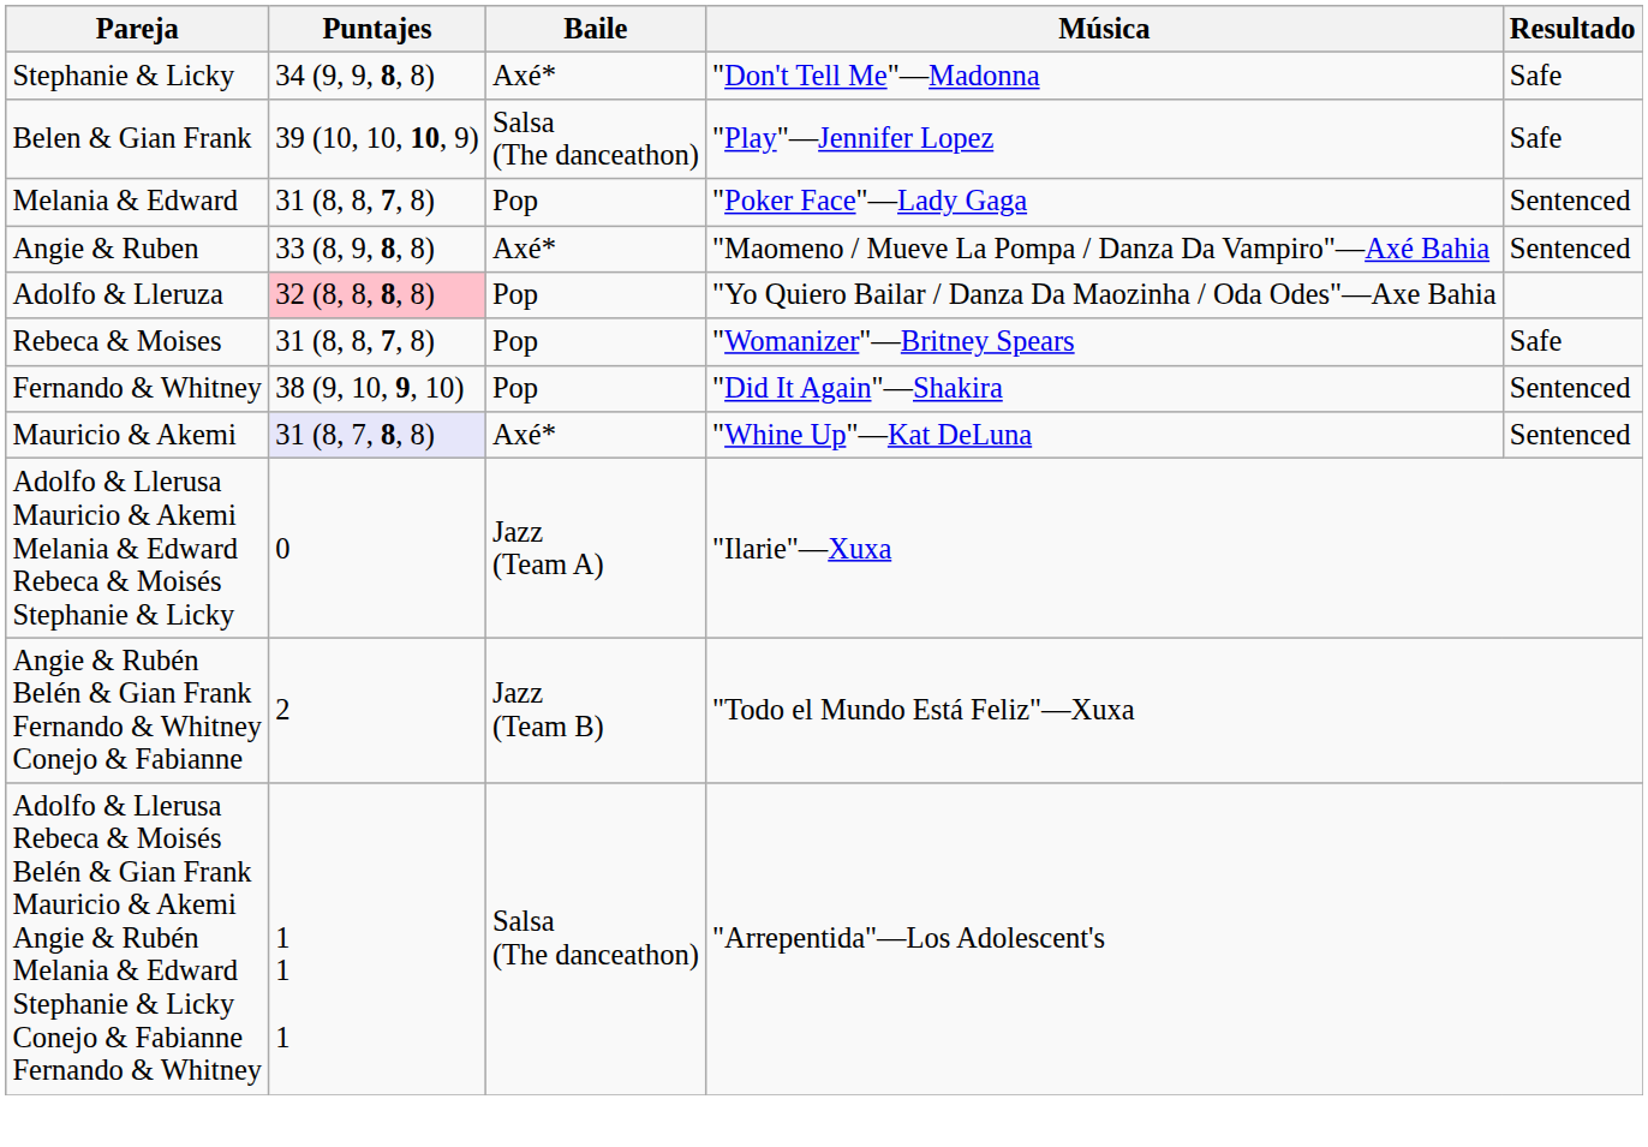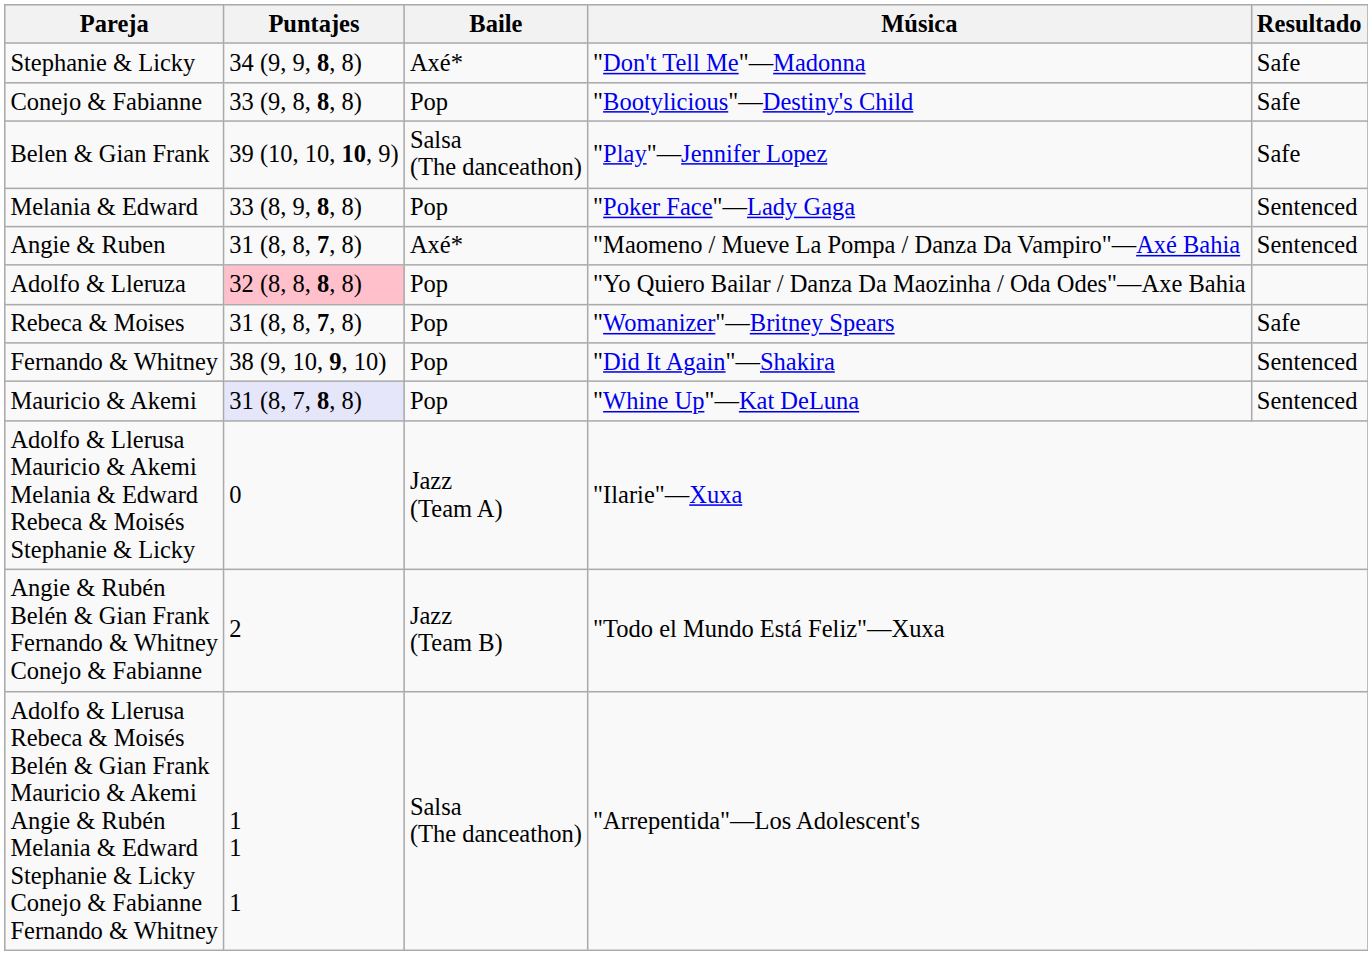 <table class="wikitable sortable" style="width:95%; white-space:nowrap;">
 <tr>
 <th style="width:15%;">Pareja</th>
 <th style="width:14%;">Puntajes</th>
 <th style="width:14%;">Baile</th>
 <th style="width:40%;">Música</th>
 <th style="width:12%;">Resultado</th>
 </tr>
 <tr>
 <td>Stephanie & Licky</td>
 <td>34 (9, 9, <strong>8</strong>, 8)</td>
 <td>Axé*</td>
 <td>"<a href='#'>Don't Tell Me</a>"—<a href='#'>Madonna</a></td>
 <td>Safe</td>
 </tr>
 <tr>
+<td>Conejo & Fabianne</td>
+<td>33 (9, 8, <strong>8</strong>, 8)</td>
+<td>Pop</td>
+<td>"<a href='#'>Bootylicious</a>"—<a href='#'>Destiny's Child</a></td>
+<td>Safe</td>
+</tr>
+<tr>
 <td>Belen & Gian Frank</td>
 <td>39 (10, 10, <strong>10</strong>, 9)</td>
 <td>Salsa<br>(The danceathon)</td>
 <td>"<a href='#'>Play</a>"—<a href='#'>Jennifer Lopez</a></td>
 <td>Safe</td>
 </tr>
 <tr>
 <td>Melania & Edward</td>
-<td>31 (8, 8, <strong>7</strong>, 8)</td>
+<td>33 (8, 9, <strong>8</strong>, 8)</td>
 <td>Pop</td>
 <td>"<a href='#'>Poker Face</a>"—<a href='#'>Lady Gaga</a></td>
 <td>Sentenced</td>
 </tr>
 <tr>
 <td>Angie & Ruben</td>
-<td>33 (8, 9, <strong>8</strong>, 8)</td>
+<td>31 (8, 8, <strong>7</strong>, 8)</td>
 <td>Axé*</td>
 <td>"Maomeno / Mueve La Pompa / Danza Da Vampiro"—<a href='#'>Axé Bahia</a></td>
 <td>Sentenced</td>
 </tr>
 <tr>
 <td>Adolfo & Lleruza</td>
 <td style="background: pink;">32 (8, 8, <strong>8</strong>, 8)</td>
 <td>Pop</td>
 <td>"Yo Quiero Bailar / Danza Da Maozinha / Oda Odes"—Axe Bahia</td>
 <td></td>
 </tr>
 <tr>
 <td>Rebeca & Moises</td>
 <td>31 (8, 8, <strong>7</strong>, 8)</td>
 <td>Pop</td>
 <td>"<a href='#'>Womanizer</a>"—<a href='#'>Britney Spears</a></td>
 <td>Safe</td>
 </tr>
 <tr>
 <td>Fernando & Whitney</td>
 <td>38 (9, 10, <strong>9</strong>, 10)</td>
 <td>Pop</td>
 <td>"<a href='#'>Did It Again</a>"—<a href='#'>Shakira</a></td>
 <td>Sentenced</td>
 </tr>
 <tr>
 <td>Mauricio & Akemi</td>
 <td style="background: lavender;">31 (8, 7, <strong>8</strong>, 8)</td>
-<td>Axé*</td>
+<td>Pop</td>
 <td>"<a href='#'>Whine Up</a>"—<a href='#'>Kat DeLuna</a></td>
 <td>Sentenced</td>
 </tr>
 <tr>
 <td>Adolfo & Llerusa<br>Mauricio & Akemi<br>Melania & Edward<br>Rebeca & Moisés<br>Stephanie & Licky</td>
 <td>0</td>
 <td>Jazz<br>(Team A)</td>
 <td colspan=2>"Ilarie"—<a href='#'>Xuxa</a></td>
 </tr>
 <tr>
 <td>Angie & Rubén<br>Belén & Gian Frank<br>Fernando & Whitney<br>Conejo & Fabianne</td>
 <td>2</td>
 <td>Jazz<br>(Team B)</td>
 <td colspan=2>"Todo el Mundo Está Feliz"—Xuxa</td>
 </tr>
 <tr>
 <td>Adolfo & Llerusa<br>Rebeca & Moisés<br>Belén & Gian Frank<br>Mauricio & Akemi<br>Angie & Rubén<br>Melania & Edward<br>Stephanie & Licky<br>Conejo & Fabianne<br>Fernando & Whitney</td>
 <td valign="top"><br><br><br><br>1<br>1<br><br>1</td>
 <td>Salsa<br>(The danceathon)</td>
 <td colspan=2>"Arrepentida"—Los Adolescent's</td>
 </tr>
 </table>
